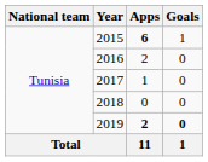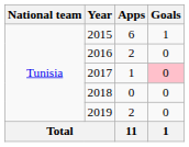 <table class="wikitable" style="text-align:center">
 <tr>
 <th>National team</th>
 <th>Year</th>
 <th>Apps</th>
 <th>Goals</th>
 </tr>
 <tr>
 <td rowspan="5"><a href='#'>Tunisia</a></td>
 <td>2015</td>
-<td><strong>6</strong></td>
+<td>6</td>
 <td>1</td>
 </tr>
 <tr>
 <td>2016</td>
 <td>2</td>
 <td>0</td>
 </tr>
 <tr>
 <td>2017</td>
 <td>1</td>
-<td>0</td>
+<td style="background: pink;">0</td>
 </tr>
 <tr>
 <td>2018</td>
 <td>0</td>
 <td>0</td>
 </tr>
 <tr>
 <td>2019</td>
-<td><strong>2</strong></td>
-<td><strong>0</strong></td>
+<td>2</td>
+<td>0</td>
 </tr>
 <tr>
 <th colspan="2">Total</th>
 <th>11</th>
 <th>1</th>
 </tr>
 </table>
